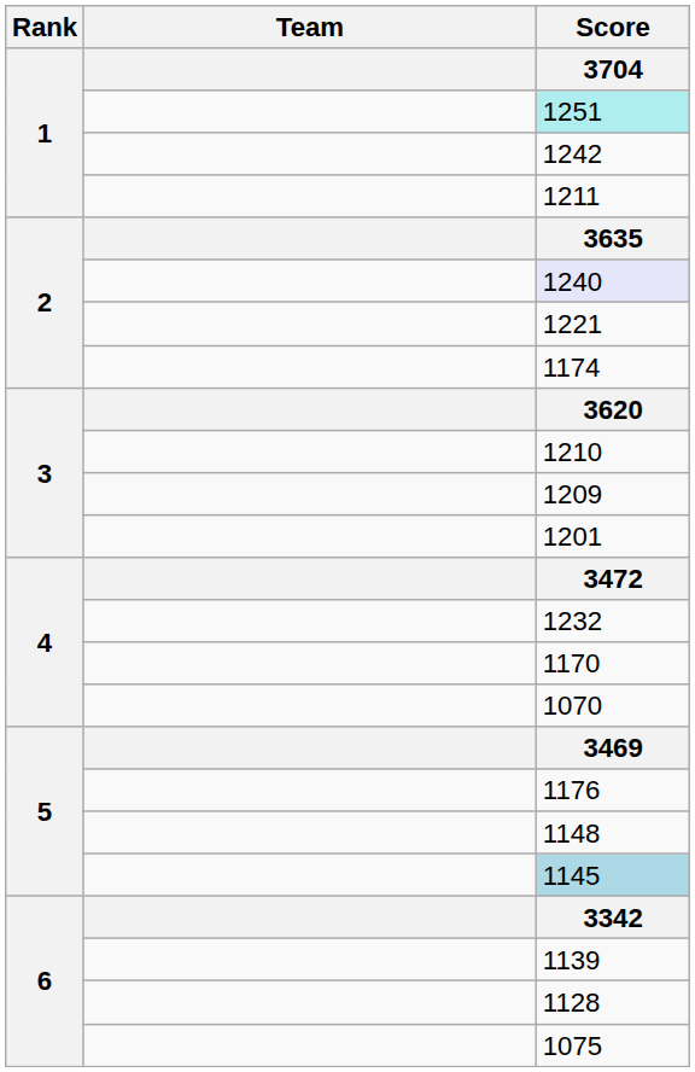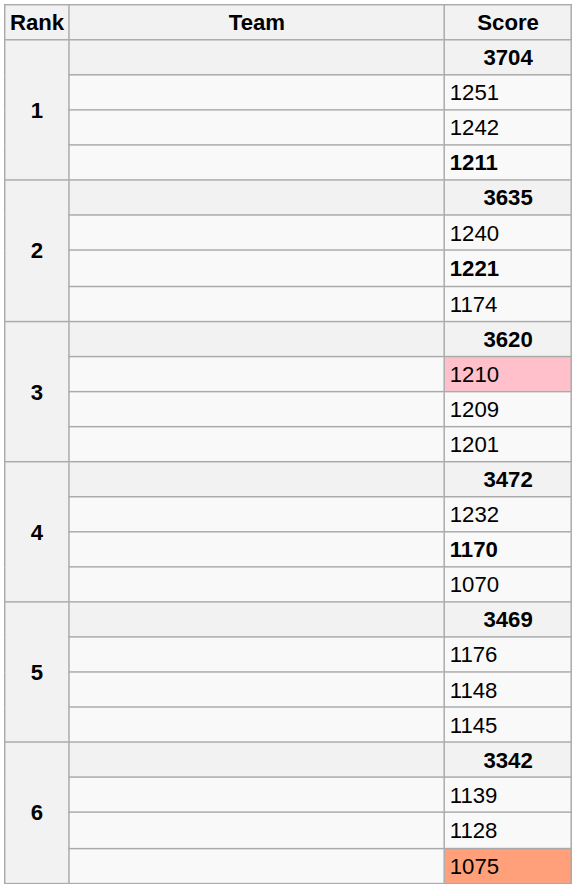 <table class="wikitable" style="font-size:95%" style="width:35em;" style="text-align:center">
 <tr>
 <th>Rank</th>
 <th width=250>Team</th>
 <th width=80>Score</th>
 </tr>
 <tr>
 <th rowspan=4>1</th>
 <th align=left></th>
 <th>3704</th>
 </tr>
 <tr>
 <td align=left></td>
-<td style="background: paleturquoise;">1251</td>
+<td>1251</td>
 </tr>
 <tr>
 <td align=left></td>
 <td>1242</td>
 </tr>
 <tr>
 <td align=left></td>
-<td>1211</td>
+<td><strong>1211</strong></td>
 </tr>
 <tr>
 <th rowspan=4>2</th>
 <th align=left></th>
 <th>3635</th>
 </tr>
 <tr>
 <td align=left></td>
-<td style="background: lavender;">1240</td>
+<td>1240</td>
 </tr>
 <tr>
 <td align=left></td>
-<td>1221</td>
+<td><strong>1221</strong></td>
 </tr>
 <tr>
 <td align=left></td>
 <td>1174</td>
 </tr>
 <tr>
 <th rowspan=4>3</th>
 <th align=left></th>
 <th>3620</th>
 </tr>
 <tr>
 <td align=left></td>
-<td>1210</td>
+<td style="background: pink;">1210</td>
 </tr>
 <tr>
 <td align=left></td>
 <td>1209</td>
 </tr>
 <tr>
 <td align=left></td>
 <td>1201</td>
 </tr>
 <tr>
 <th rowspan=4>4</th>
 <th align=left></th>
 <th>3472</th>
 </tr>
 <tr>
 <td align=left></td>
 <td>1232</td>
 </tr>
 <tr>
 <td align=left></td>
-<td>1170</td>
+<td><strong>1170</strong></td>
 </tr>
 <tr>
 <td align=left></td>
 <td>1070</td>
 </tr>
 <tr>
 <th rowspan=4>5</th>
 <th align=left></th>
 <th>3469</th>
 </tr>
 <tr>
 <td align=left></td>
 <td>1176</td>
 </tr>
 <tr>
 <td align=left></td>
 <td>1148</td>
 </tr>
 <tr>
 <td align=left></td>
-<td style="background: lightblue;">1145</td>
+<td>1145</td>
 </tr>
 <tr>
 <th rowspan=4>6</th>
 <th align=left></th>
 <th>3342</th>
 </tr>
 <tr>
 <td align=left></td>
 <td>1139</td>
 </tr>
 <tr>
 <td align=left></td>
 <td>1128</td>
 </tr>
 <tr>
 <td align=left></td>
-<td>1075</td>
+<td style="background: lightsalmon;">1075</td>
 </tr>
 <tr>
 </tr>
 </table>
